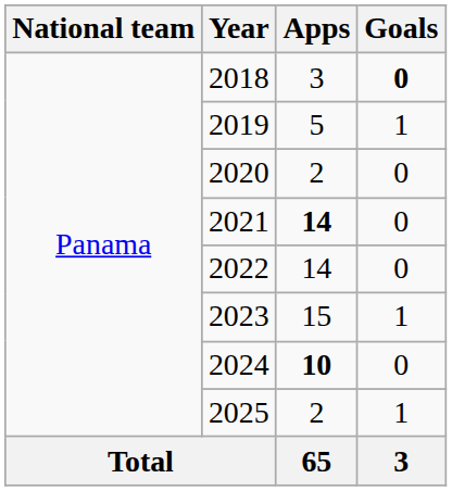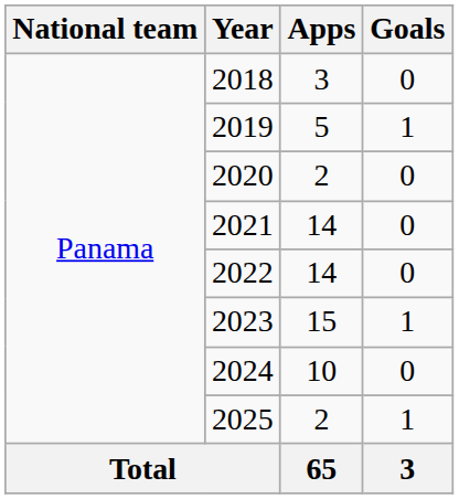 <table class="wikitable" style="text-align:center">
 <tr>
 <th>National team</th>
 <th>Year</th>
 <th>Apps</th>
 <th>Goals</th>
 </tr>
 <tr>
 <td rowspan=8><a href='#'>Panama</a></td>
 <td>2018</td>
 <td>3</td>
-<td><strong>0</strong></td>
+<td>0</td>
 </tr>
 <tr>
 <td>2019</td>
 <td>5</td>
 <td>1</td>
 </tr>
 <tr>
 <td>2020</td>
 <td>2</td>
 <td>0</td>
 </tr>
 <tr>
 <td>2021</td>
-<td><strong>14</strong></td>
+<td>14</td>
 <td>0</td>
 </tr>
 <tr>
 <td>2022</td>
 <td>14</td>
 <td>0</td>
 </tr>
 <tr>
 <td>2023</td>
 <td>15</td>
 <td>1</td>
 </tr>
 <tr>
 <td>2024</td>
-<td><strong>10</strong></td>
+<td>10</td>
 <td>0</td>
 </tr>
 <tr>
 <td>2025</td>
 <td>2</td>
 <td>1</td>
 </tr>
 <tr>
 <th colspan=2>Total</th>
 <th>65</th>
 <th>3</th>
 </tr>
 </table>
